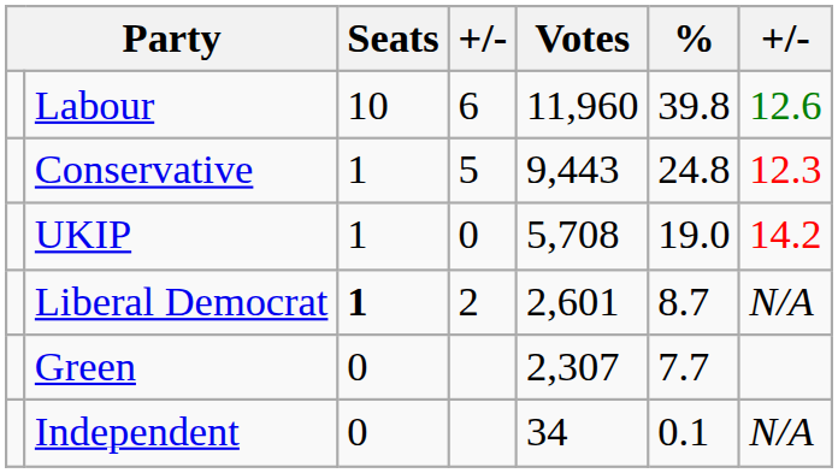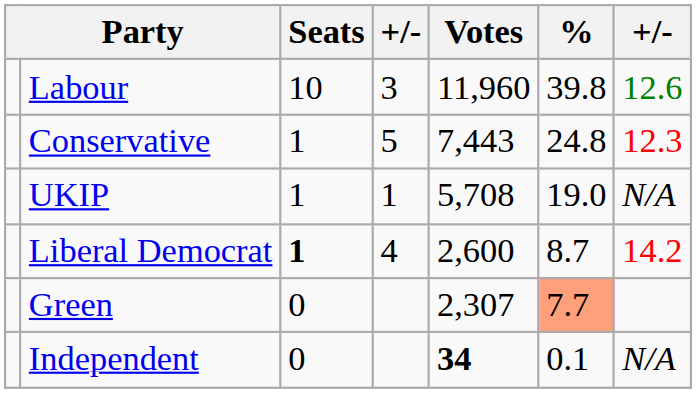 <table class="wikitable sortable">
 <tr>
 <th colspan="2">Party</th>
 <th>Seats</th>
 <th>+/-</th>
 <th>Votes</th>
 <th>%</th>
 <th>+/-</th>
 </tr>
 <tr>
 <td style="background-color: "></td>
 <td><a href='#'>Labour</a></td>
 <td>10</td>
-<td> 6</td>
+<td> 3</td>
 <td>11,960</td>
 <td>39.8</td>
 <td style="color:green">12.6</td>
 </tr>
 <tr>
 <td style="background-color: "></td>
 <td><a href='#'>Conservative</a></td>
 <td>1</td>
 <td> 5</td>
-<td>9,443</td>
+<td>7,443</td>
 <td>24.8</td>
 <td style="color:red">12.3</td>
 </tr>
 <tr>
 <td style="background-color: "></td>
 <td><a href='#'>UKIP</a></td>
 <td>1</td>
-<td> 0</td>
+<td> 1</td>
 <td>5,708</td>
 <td>19.0</td>
-<td style="color:red">14.2</td>
+<td><span><em>N/A</em></span></td>
 </tr>
 <tr>
 <td style="background-color: "></td>
 <td><a href='#'>Liberal Democrat</a></td>
 <td><strong>1</strong></td>
-<td> 2</td>
-<td>2,601</td>
+<td> 4</td>
+<td>2,600</td>
 <td>8.7</td>
-<td><span><em>N/A</em></span></td>
+<td style="color:red">14.2</td>
 </tr>
 <tr>
 <td style="background-color: "></td>
 <td><a href='#'>Green</a></td>
 <td>0</td>
 <td></td>
 <td>2,307</td>
-<td>7.7</td>
+<td style="background: lightsalmon;">7.7</td>
 <td></td>
 </tr>
 <tr>
 <td style="background-color: "></td>
 <td><a href='#'>Independent</a></td>
 <td>0</td>
 <td></td>
-<td>34</td>
+<td><strong>34</strong></td>
 <td>0.1</td>
 <td><span><em>N/A</em></span></td>
 </tr>
 </table>
